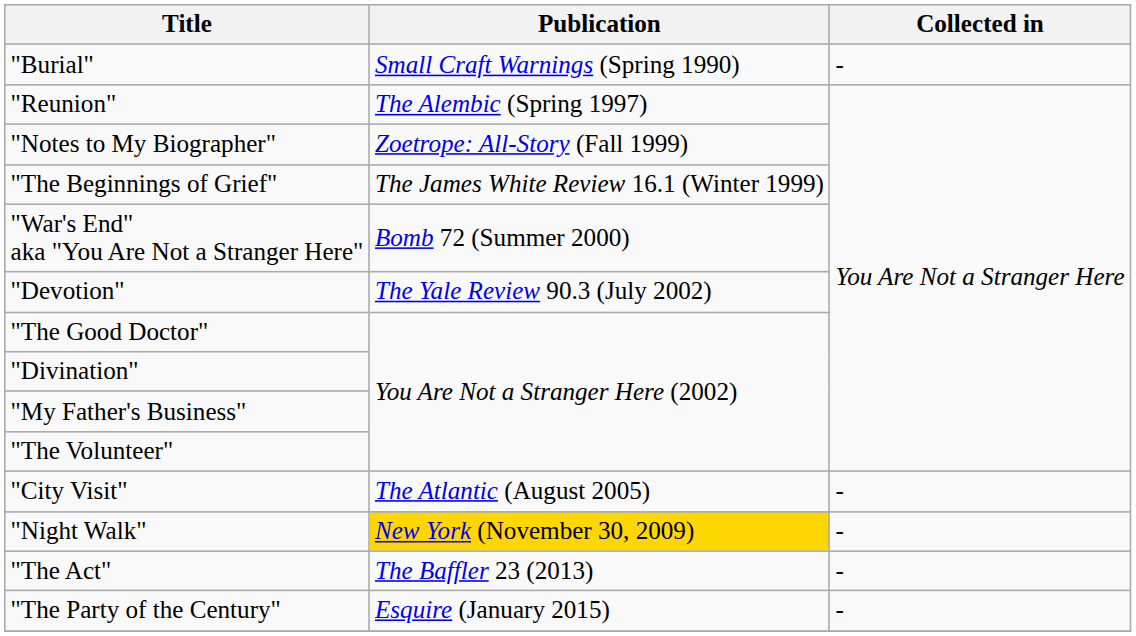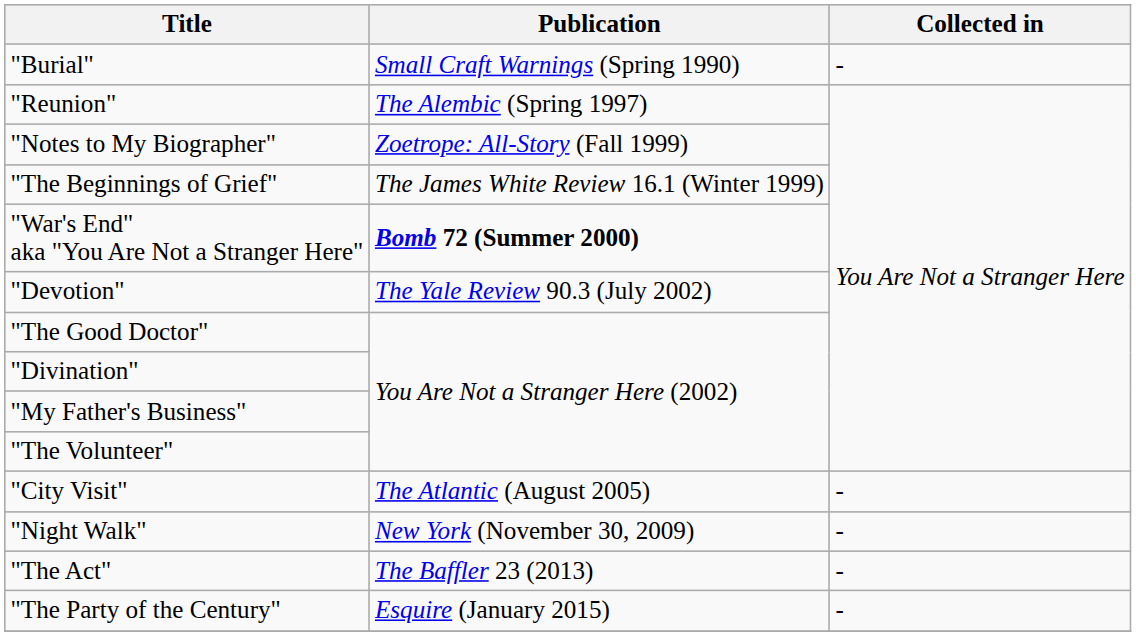 <table class="wikitable">
 <tr>
 <th>Title</th>
 <th>Publication</th>
 <th>Collected in</th>
 </tr>
 <tr>
 <td>"Burial"</td>
 <td><em><a href='#'>Small Craft Warnings</a></em> (Spring 1990)</td>
 <td>-</td>
 </tr>
 <tr>
 <td>"Reunion"</td>
 <td><em><a href='#'>The Alembic</a></em> (Spring 1997)</td>
 <td rowspan="9"><em>You Are Not a Stranger Here</em></td>
 </tr>
 <tr>
 <td>"Notes to My Biographer"</td>
 <td><em><a href='#'>Zoetrope: All-Story</a></em> (Fall 1999)</td>
 </tr>
 <tr>
 <td>"The Beginnings of Grief"</td>
 <td><em>The James White Review</em> 16.1 (Winter 1999)</td>
 </tr>
 <tr>
 <td>"War's End"<br>aka "You Are Not a Stranger Here"</td>
-<td><em><a href='#'>Bomb</a></em> 72 (Summer 2000)</td>
+<td><strong><em><a href='#'>Bomb</a></em> 72 (Summer 2000)</strong></td>
 </tr>
 <tr>
 <td>"Devotion"</td>
 <td><em><a href='#'>The Yale Review</a></em> 90.3 (July 2002)</td>
 </tr>
 <tr>
 <td>"The Good Doctor"</td>
 <td rowspan=4><em>You Are Not a Stranger Here</em> (2002)</td>
 </tr>
 <tr>
 <td>"Divination"</td>
 </tr>
 <tr>
 <td>"My Father's Business"</td>
 </tr>
 <tr>
 <td>"The Volunteer"</td>
 </tr>
 <tr>
 <td>"City Visit"</td>
 <td><em><a href='#'>The Atlantic</a></em> (August 2005)</td>
 <td>-</td>
 </tr>
 <tr>
 <td>"Night Walk"</td>
-<td style="background: gold;"><em><a href='#'>New York</a></em> (November 30, 2009)</td>
+<td><em><a href='#'>New York</a></em> (November 30, 2009)</td>
 <td>-</td>
 </tr>
 <tr>
 <td>"The Act"</td>
 <td><em><a href='#'>The Baffler</a></em> 23 (2013)</td>
 <td>-</td>
 </tr>
 <tr>
 <td>"The Party of the Century"</td>
 <td><em><a href='#'>Esquire</a></em> (January 2015)</td>
 <td>-</td>
 </tr>
 <tr>
 </tr>
 </table>
